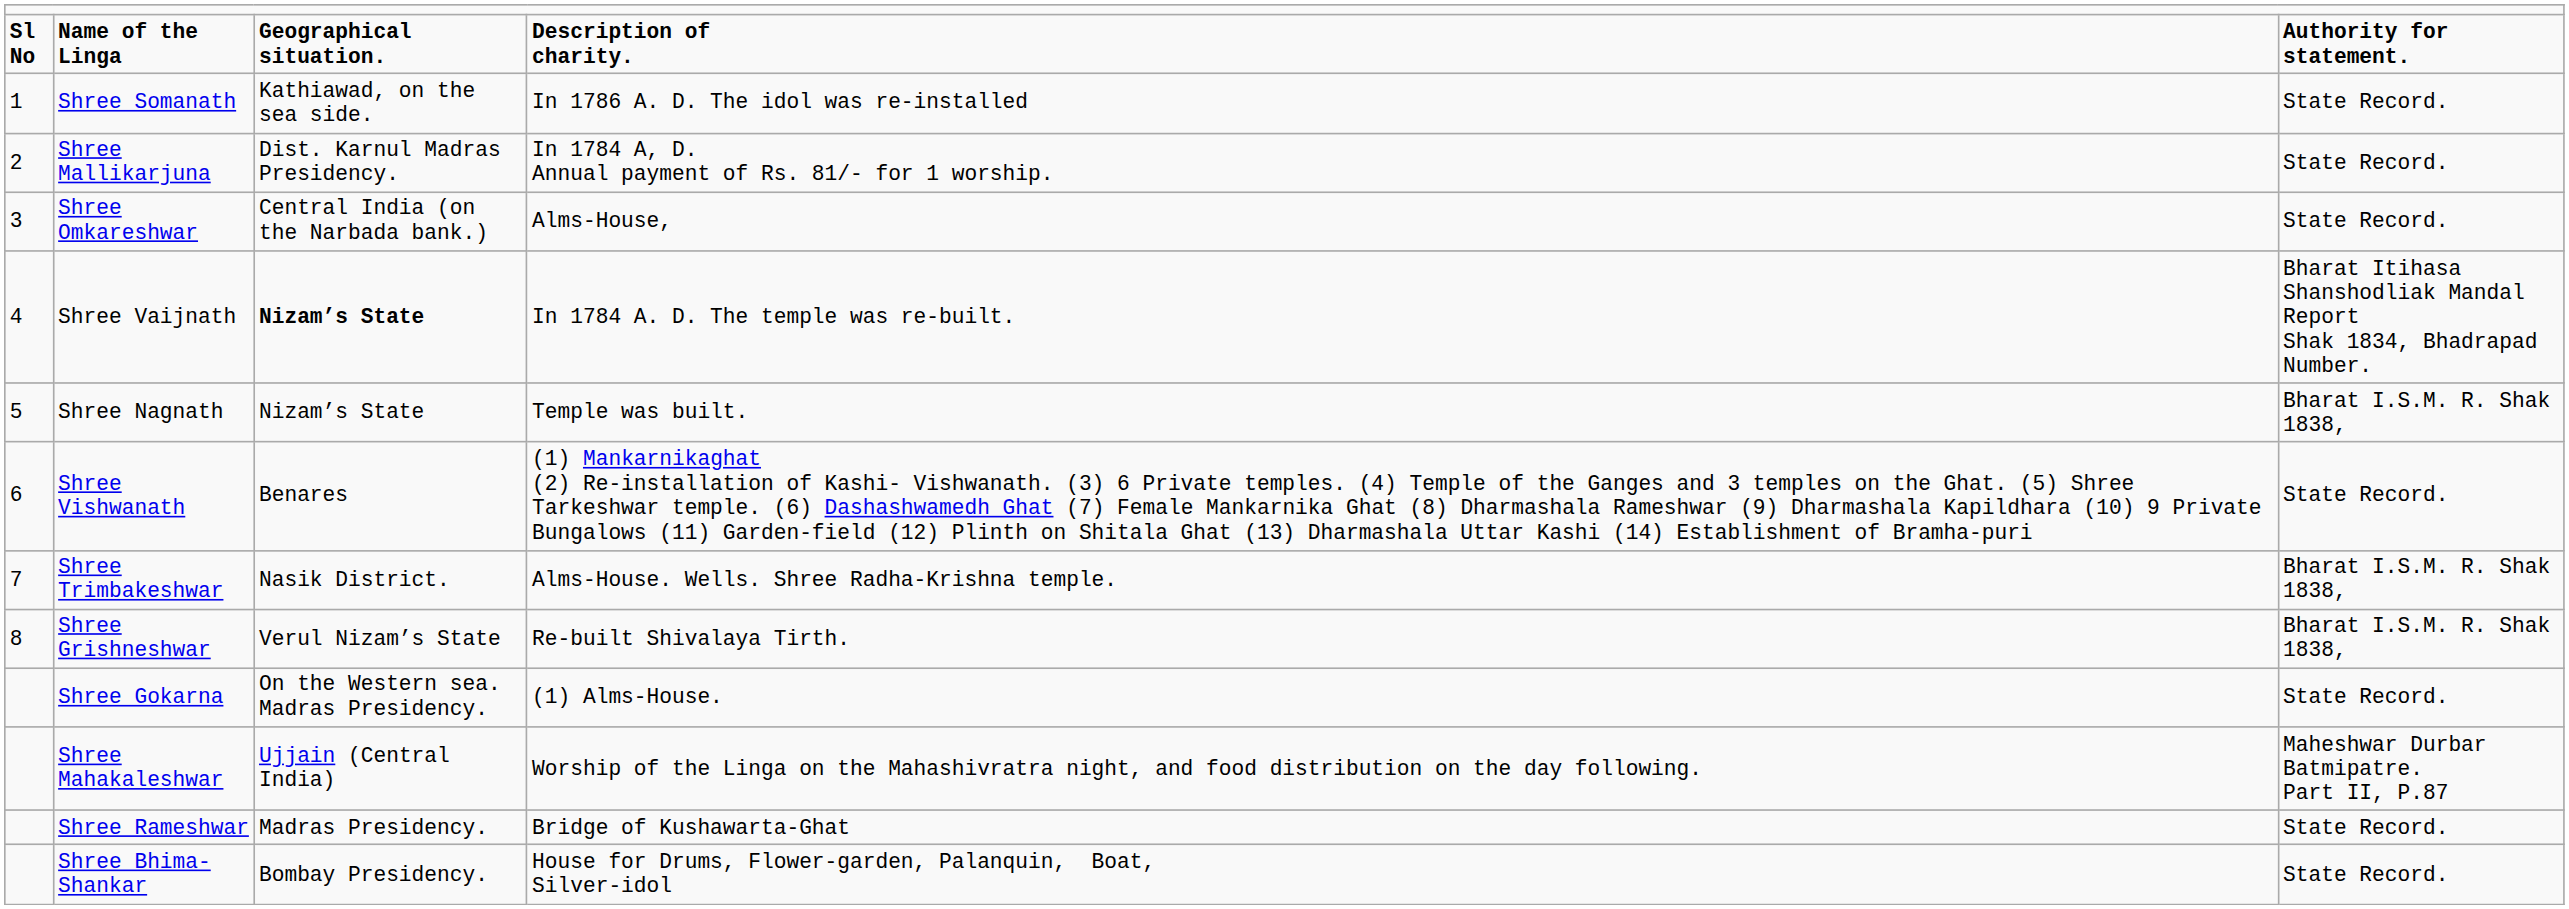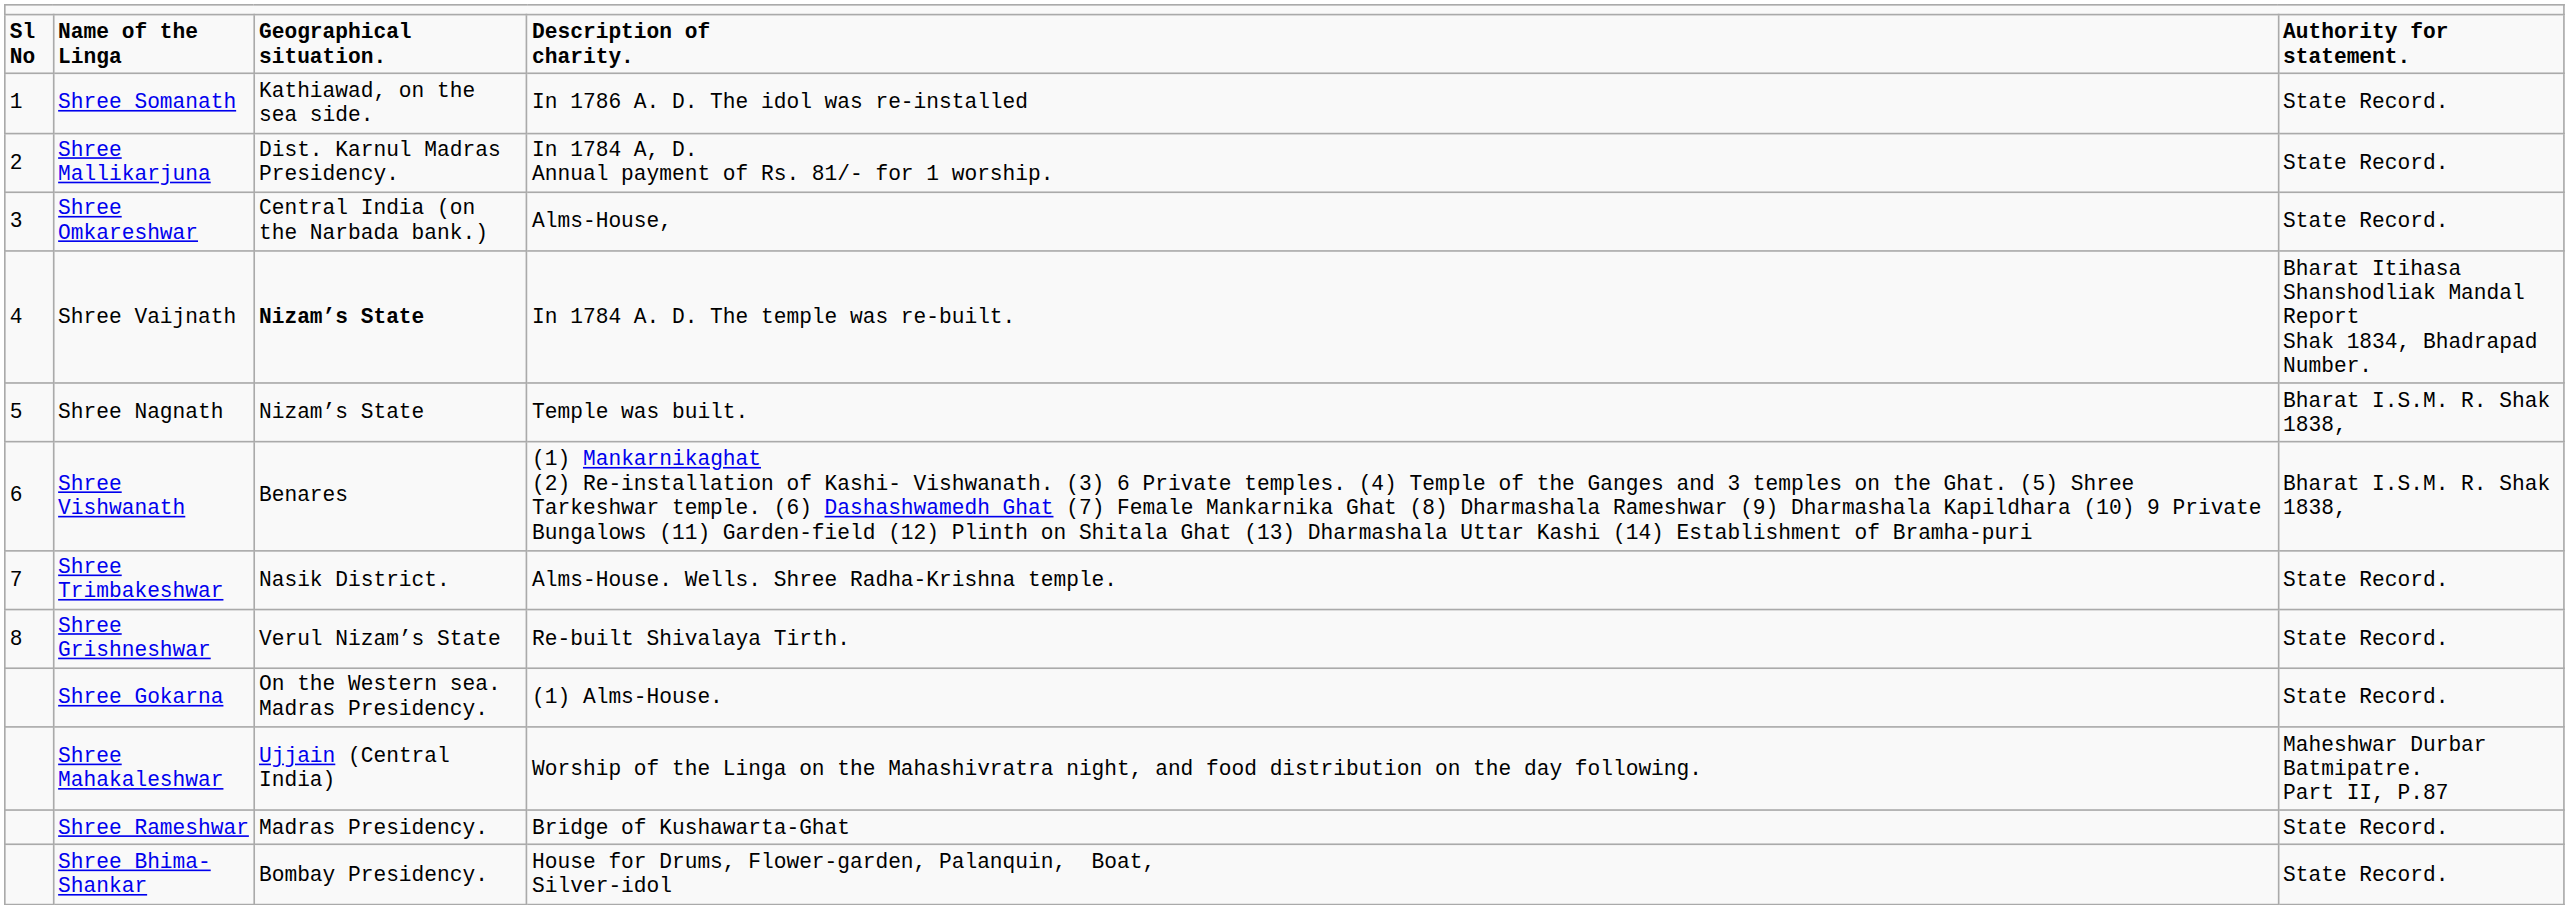 <table class="wikitable">
 <tr>
 <td colspan="5"></td>
 </tr>
 <tr>
 <td><strong>Sl  No</strong></td>
 <td><strong>Name of  the Linga</strong></td>
 <td><strong>Geographical</strong><br><strong>situation.</strong></td>
 <td><strong>Description of</strong><br><strong>charity.</strong></td>
 <td><strong>Authority for</strong><br><strong>statement.</strong></td>
 </tr>
 <tr>
 <td>1</td>
 <td><a href='#'>Shree Somanath</a></td>
 <td>Kathiawad, on the sea side.</td>
 <td>In 1786 A. D. The idol was re-installed</td>
 <td>State Record.</td>
 </tr>
 <tr>
 <td>2</td>
 <td><a href='#'>Shree Mallikarjuna</a></td>
 <td>Dist. Karnul Madras Presidency.</td>
 <td>In 1784 A, D.<br>Annual payment of Rs. 81/- for 1 worship.</td>
 <td>State  Record.</td>
 </tr>
 <tr>
 <td>3</td>
 <td><a href='#'>Shree Omkareshwar</a></td>
 <td>Central India (on the Narbada bank.)</td>
 <td>Alms-House,</td>
 <td>State Record.</td>
 </tr>
 <tr>
 <td>4</td>
 <td>Shree Vaijnath</td>
 <td><strong>Nizam’s State</strong></td>
 <td>In 1784 A. D. The temple was re-built.</td>
 <td>Bharat Itihasa Shanshodliak Mandal Report<br>Shak 1834, Bhadrapad Number.</td>
 </tr>
 <tr>
 <td>5</td>
 <td>Shree Nagnath</td>
 <td>Nizam’s State</td>
 <td>Temple was  built.</td>
 <td>Bharat I.S.M. R. Shak 1838,</td>
 </tr>
 <tr>
 <td>6</td>
 <td><a href='#'>Shree Vishwanath</a></td>
 <td>Benares</td>
 <td>(1) <a href='#'>Mankarnikaghat</a><br>(2) Re-installation of Kashi- Vishwanath. (3) 6 Private temples. (4) Temple of the Ganges and 3 temples on the Ghat. (5) Shree Tarkeshwar temple. (6) <a href='#'>Dashashwamedh Ghat</a> (7) Female Mankarnika Ghat (8) Dharmashala Rameshwar (9) Dharmashala Kapildhara (10) 9 Private Bungalows (11) Garden-field (12) Plinth on Shitala Ghat (13) Dharmashala Uttar Kashi (14) Establishment of Bramha-puri</td>
-<td>State Record.</td>
+<td>Bharat I.S.M. R. Shak 1838,</td>
 </tr>
 <tr>
 <td>7</td>
 <td><a href='#'>Shree Trimbakeshwar</a></td>
 <td>Nasik District.</td>
 <td>Alms-House. Wells. Shree Radha-Krishna temple.</td>
-<td>Bharat I.S.M. R. Shak 1838,</td>
+<td>State Record.</td>
 </tr>
 <tr>
 <td>8</td>
 <td><a href='#'>Shree Grishneshwar</a></td>
 <td>Verul Nizam’s State</td>
 <td>Re-built Shivalaya Tirth.</td>
-<td>Bharat I.S.M. R. Shak 1838,</td>
+<td>State Record.</td>
 </tr>
 <tr>
 <td></td>
 <td><a href='#'>Shree Gokarna</a></td>
 <td>On the Western sea. Madras Presidency.</td>
 <td>(1) Alms-House.</td>
 <td>State Record.</td>
 </tr>
 <tr>
 <td></td>
 <td><a href='#'>Shree Mahakaleshwar</a></td>
 <td><a href='#'>Ujjain</a> (Central India)</td>
 <td>Worship of the Linga on the Mahashivratra night, and food  distribution on the day following.</td>
 <td>Maheshwar Durbar Batmipatre.<br>Part II, P.87</td>
 </tr>
 <tr>
 <td></td>
 <td><a href='#'>Shree Rameshwar</a></td>
 <td>Madras Presidency.</td>
 <td>Bridge of Kushawarta-Ghat</td>
 <td>State Record.</td>
 </tr>
 <tr>
 <td></td>
 <td><a href='#'>Shree Bhima-Shankar</a></td>
 <td>Bombay Presidency.</td>
 <td>House for Drums, Flower-garden, Palanquin,  Boat,<br>Silver-idol</td>
 <td>State Record.</td>
 </tr>
 </table>
